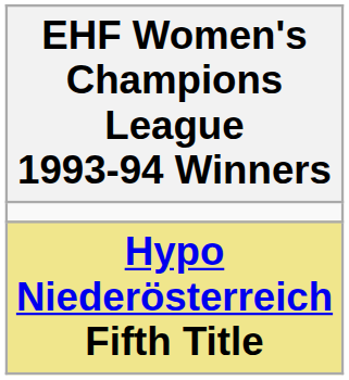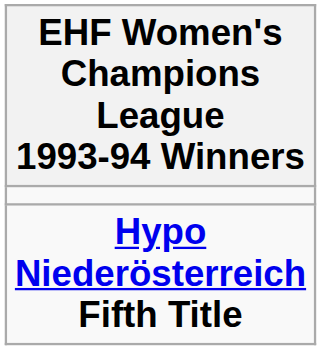 <table class="wikitable" style="text-align: center; margin: 0 auto; width: 20%">
 <tr>
 <th>EHF Women's Champions League <br>1993-94 Winners</th>
 </tr>
 <tr>
 <td></td>
 </tr>
 <tr>
-<td style="background: khaki;"><strong> <a href='#'>Hypo Niederösterreich</a></strong><br><strong>Fifth Title</strong> <br></td>
+<td><strong> <a href='#'>Hypo Niederösterreich</a></strong><br><strong>Fifth Title</strong> <br></td>
 </tr>
 </table>
